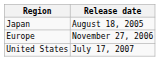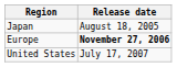 <table class="wikitable">
 <tr>
 <th>Region</th>
 <th>Release date</th>
 </tr>
 <tr>
 <td>Japan</td>
 <td>August 18, 2005</td>
 </tr>
 <tr>
 <td>Europe</td>
-<td>November 27, 2006</td>
+<td><strong>November 27, 2006</strong></td>
 </tr>
 <tr>
 <td>United States</td>
 <td>July 17, 2007</td>
 </tr>
 </table>
